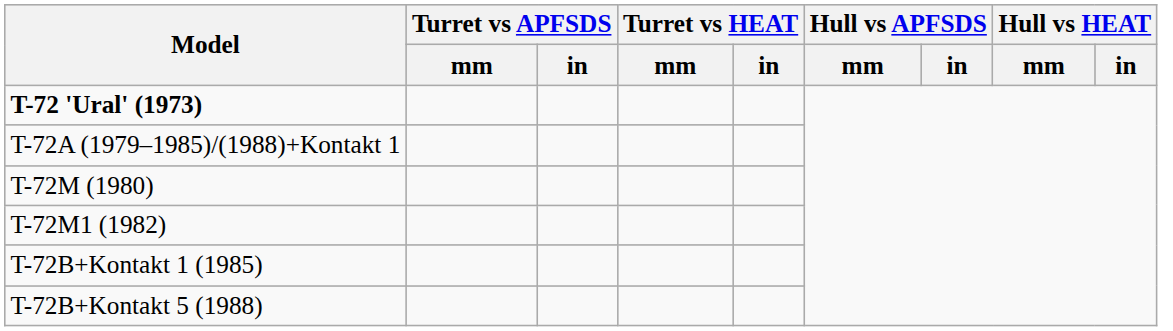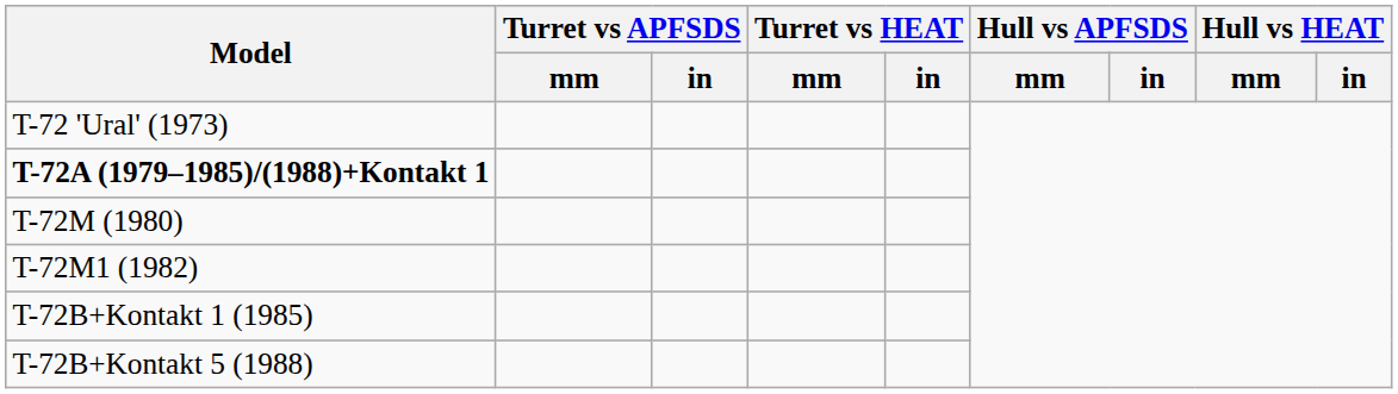 <table class="wikitable" |>
 <tr>
 <th rowspan=2 scope="row">Model</th>
 <th colspan=2 scope="row">Turret vs <a href='#'>APFSDS</a></th>
 <th colspan=2 scope="row">Turret vs <a href='#'>HEAT</a></th>
 <th colspan=2 scope="row">Hull vs <a href='#'>APFSDS</a></th>
 <th colspan=2 scope="row">Hull vs <a href='#'>HEAT</a></th>
 </tr>
 <tr>
 <th>mm</th>
 <th>in</th>
 <th>mm</th>
 <th>in</th>
 <th>mm</th>
 <th>in</th>
 <th>mm</th>
 <th>in</th>
 </tr>
 <tr>
-<td><strong>T-72 'Ural' (1973)</strong></td>
+<td>T-72 'Ural' (1973)</td>
 <td></td>
 <td></td>
 <td></td>
 <td></td>
 </tr>
 <tr>
-<td>T-72A (1979–1985)/(1988)+Kontakt 1</td>
+<td><strong>T-72A (1979–1985)/(1988)+Kontakt 1</strong></td>
 <td></td>
 <td></td>
 <td></td>
 <td></td>
 </tr>
 <tr>
 <td>T-72M (1980)</td>
 <td></td>
 <td></td>
 <td></td>
 <td></td>
 </tr>
 <tr>
 <td>T-72M1 (1982)</td>
 <td></td>
 <td></td>
 <td></td>
 <td></td>
 </tr>
 <tr>
 <td>T-72B+Kontakt 1 (1985)</td>
 <td></td>
 <td></td>
 <td></td>
 <td></td>
 </tr>
 <tr>
 <td>T-72B+Kontakt 5 (1988)</td>
 <td></td>
 <td></td>
 <td></td>
 <td></td>
 </tr>
 </table>
